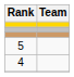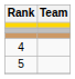 <table class="wikitable" border="1">
 <tr>
 <th>Rank</th>
 <th>Team</th>
 </tr>
 <tr bgcolor=gold>
 <td align=center></td>
 <td></td>
 </tr>
 <tr bgcolor=silver>
 <td align=center></td>
 <td></td>
 </tr>
 <tr bgcolor=cc9966>
 <td align=center></td>
 <td></td>
 </tr>
 <tr>
-<td align=center>5</td>
+<td align=center>4</td>
 <td></td>
 </tr>
 <tr>
-<td align=center>4</td>
+<td align=center>5</td>
 <td></td>
 </tr>
 <tr>
 </tr>
 </table>
